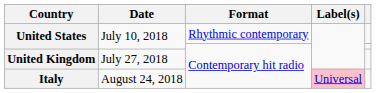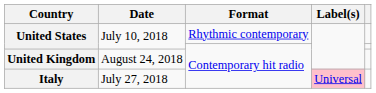 <table class="wikitable sortable plainrowheaders">
 <tr>
 <th scope="col">Country</th>
 <th scope="col">Date</th>
 <th scope="col">Format</th>
 <th scope="col">Label(s)</th>
 <th scope="col"></th>
 </tr>
 <tr>
 <th scope="row" rowspan="2">United States</th>
 <td rowspan="2">July 10, 2018</td>
 <td><a href='#'>Rhythmic contemporary</a></td>
 <td rowspan="3"></td>
 <td></td>
 </tr>
 <tr>
 <td rowspan="3"><a href='#'>Contemporary hit radio</a></td>
 <td></td>
 </tr>
 <tr>
 <th scope="row">United Kingdom</th>
-<td>July 27, 2018</td>
+<td>August 24, 2018</td>
 <td></td>
 </tr>
 <tr>
 <th scope="row">Italy</th>
-<td>August 24, 2018</td>
+<td>July 27, 2018</td>
 <td style="background: pink;"><a href='#'>Universal</a></td>
 <td></td>
 </tr>
 </table>
